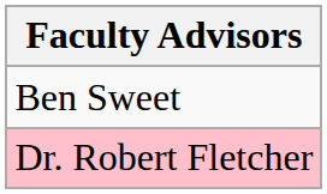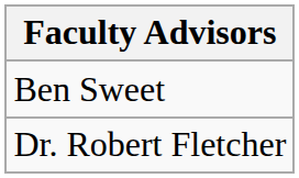 <table class="wikitable" border="1">
 <tr>
 <th>Faculty Advisors</th>
 </tr>
 <tr>
 <td>Ben Sweet</td>
 </tr>
 <tr>
-<td style="background: pink;">Dr. Robert Fletcher</td>
+<td>Dr. Robert Fletcher</td>
 </tr>
 <tr>
 </tr>
 </table>
